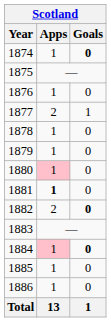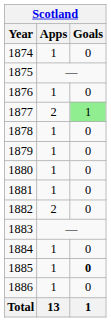 <table class="wikitable" style="text-align:center">
 <tr>
 <th colspan=3><a href='#'>Scotland</a></th>
 </tr>
 <tr>
 <th>Year</th>
 <th>Apps</th>
 <th>Goals</th>
 </tr>
 <tr>
 <td>1874</td>
 <td>1</td>
-<td><strong>0</strong></td>
+<td>0</td>
 </tr>
 <tr>
 <td>1875</td>
 <td colspan=2>—</td>
 </tr>
 <tr>
 <td>1876</td>
 <td>1</td>
 <td>0</td>
 </tr>
 <tr>
 <td>1877</td>
 <td>2</td>
-<td>1</td>
+<td style="background: lightgreen;">1</td>
 </tr>
 <tr>
 <td>1878</td>
 <td>1</td>
 <td>0</td>
 </tr>
 <tr>
 <td>1879</td>
 <td>1</td>
 <td>0</td>
 </tr>
 <tr>
 <td>1880</td>
-<td style="background: pink;">1</td>
+<td>1</td>
 <td>0</td>
 </tr>
 <tr>
 <td>1881</td>
-<td><strong>1</strong></td>
+<td>1</td>
 <td>0</td>
 </tr>
 <tr>
 <td>1882</td>
 <td>2</td>
-<td><strong>0</strong></td>
+<td>0</td>
 </tr>
 <tr>
 <td>1883</td>
 <td colspan=2>—</td>
 </tr>
 <tr>
 <td>1884</td>
-<td style="background: pink;">1</td>
-<td><strong>0</strong></td>
+<td>1</td>
+<td>0</td>
 </tr>
 <tr>
 <td>1885</td>
 <td>1</td>
-<td>0</td>
+<td><strong>0</strong></td>
 </tr>
 <tr>
 <td>1886</td>
 <td>1</td>
 <td>0</td>
 </tr>
 <tr>
 <th>Total</th>
 <th>13</th>
 <th>1</th>
 </tr>
 </table>
